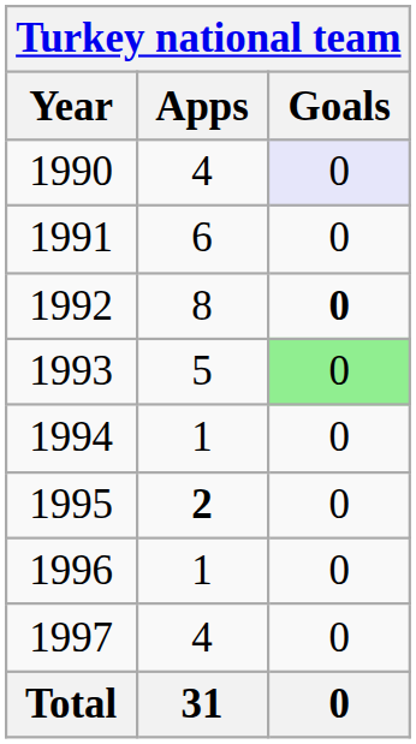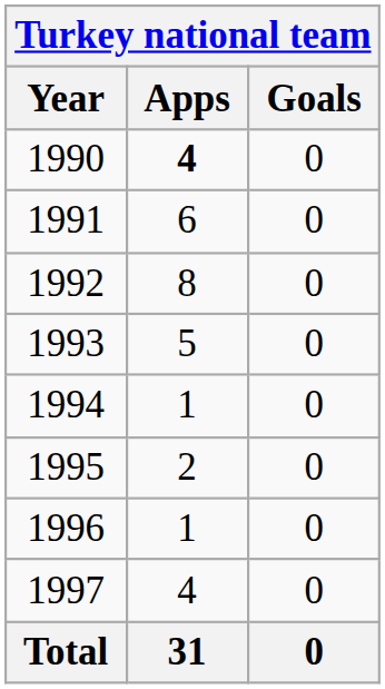 <table class="wikitable" style="text-align:center">
 <tr>
 <th colspan=3><a href='#'>Turkey national team</a></th>
 </tr>
 <tr>
 <th>Year</th>
 <th>Apps</th>
 <th>Goals</th>
 </tr>
 <tr>
 <td>1990</td>
-<td>4</td>
-<td style="background: lavender;">0</td>
+<td><strong>4</strong></td>
+<td>0</td>
 </tr>
 <tr>
 <td>1991</td>
 <td>6</td>
 <td>0</td>
 </tr>
 <tr>
 <td>1992</td>
 <td>8</td>
-<td><strong>0</strong></td>
+<td>0</td>
 </tr>
 <tr>
 <td>1993</td>
 <td>5</td>
-<td style="background: lightgreen;">0</td>
+<td>0</td>
 </tr>
 <tr>
 <td>1994</td>
 <td>1</td>
 <td>0</td>
 </tr>
 <tr>
 <td>1995</td>
-<td><strong>2</strong></td>
+<td>2</td>
 <td>0</td>
 </tr>
 <tr>
 <td>1996</td>
 <td>1</td>
 <td>0</td>
 </tr>
 <tr>
 <td>1997</td>
 <td>4</td>
 <td>0</td>
 </tr>
 <tr>
 <th>Total</th>
 <th>31</th>
 <th>0</th>
 </tr>
 </table>
